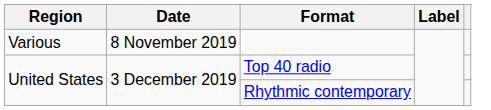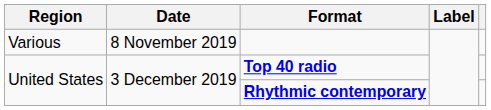 <table class="wikitable plainrowheaders">
 <tr>
 <th>Region</th>
 <th>Date</th>
 <th>Format</th>
 <th>Label</th>
 <th></th>
 </tr>
 <tr>
 <td scope="row">Various</td>
 <td>8 November 2019</td>
 <td></td>
 <td rowspan="3"></td>
 <td></td>
 </tr>
 <tr>
 <td rowspan="2">United States</td>
 <td rowspan="2">3 December 2019</td>
-<td><a href='#'>Top 40 radio</a></td>
+<td><strong><a href='#'>Top 40 radio</a></strong></td>
 <td></td>
 </tr>
 <tr>
-<td><a href='#'>Rhythmic contemporary</a></td>
+<td><strong><a href='#'>Rhythmic contemporary</a></strong></td>
 <td></td>
 </tr>
 </table>
